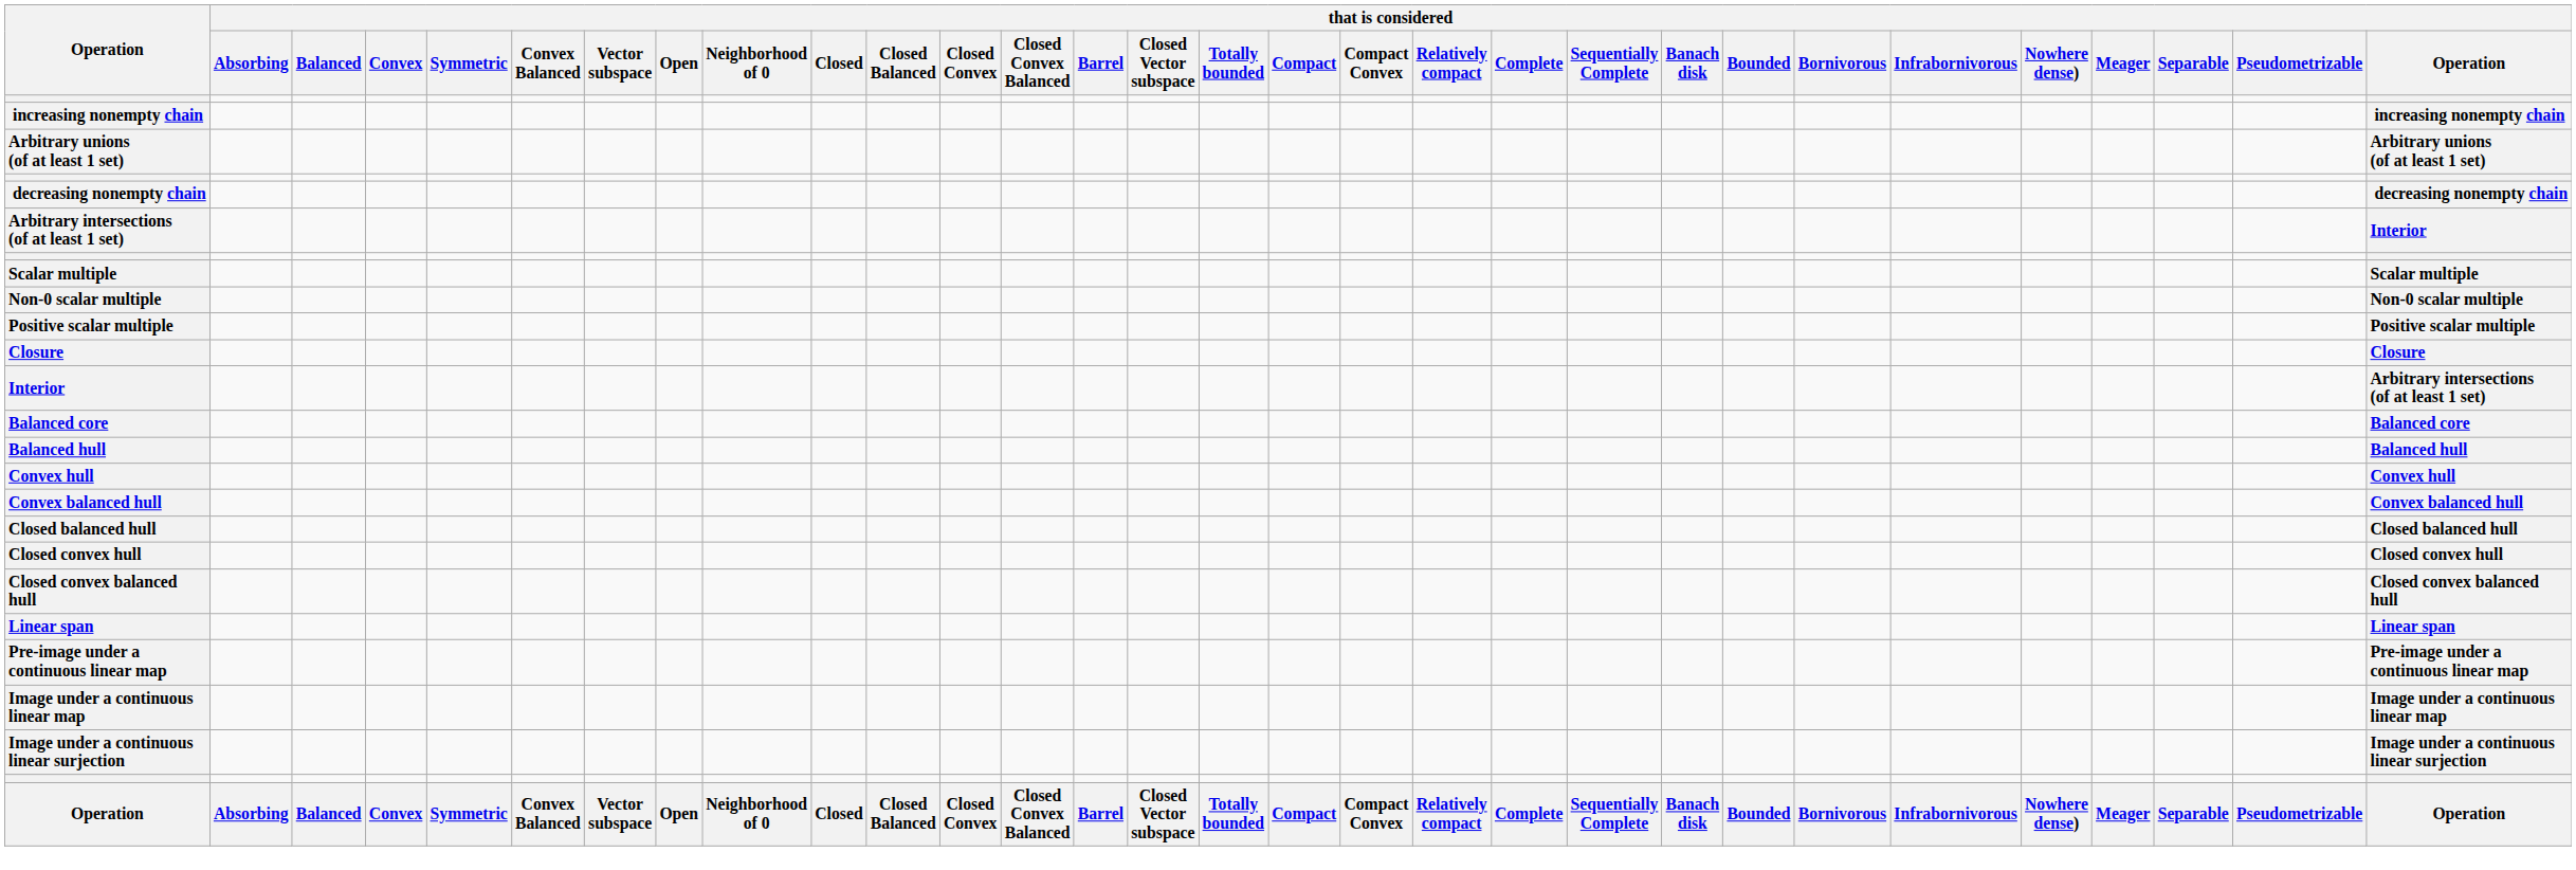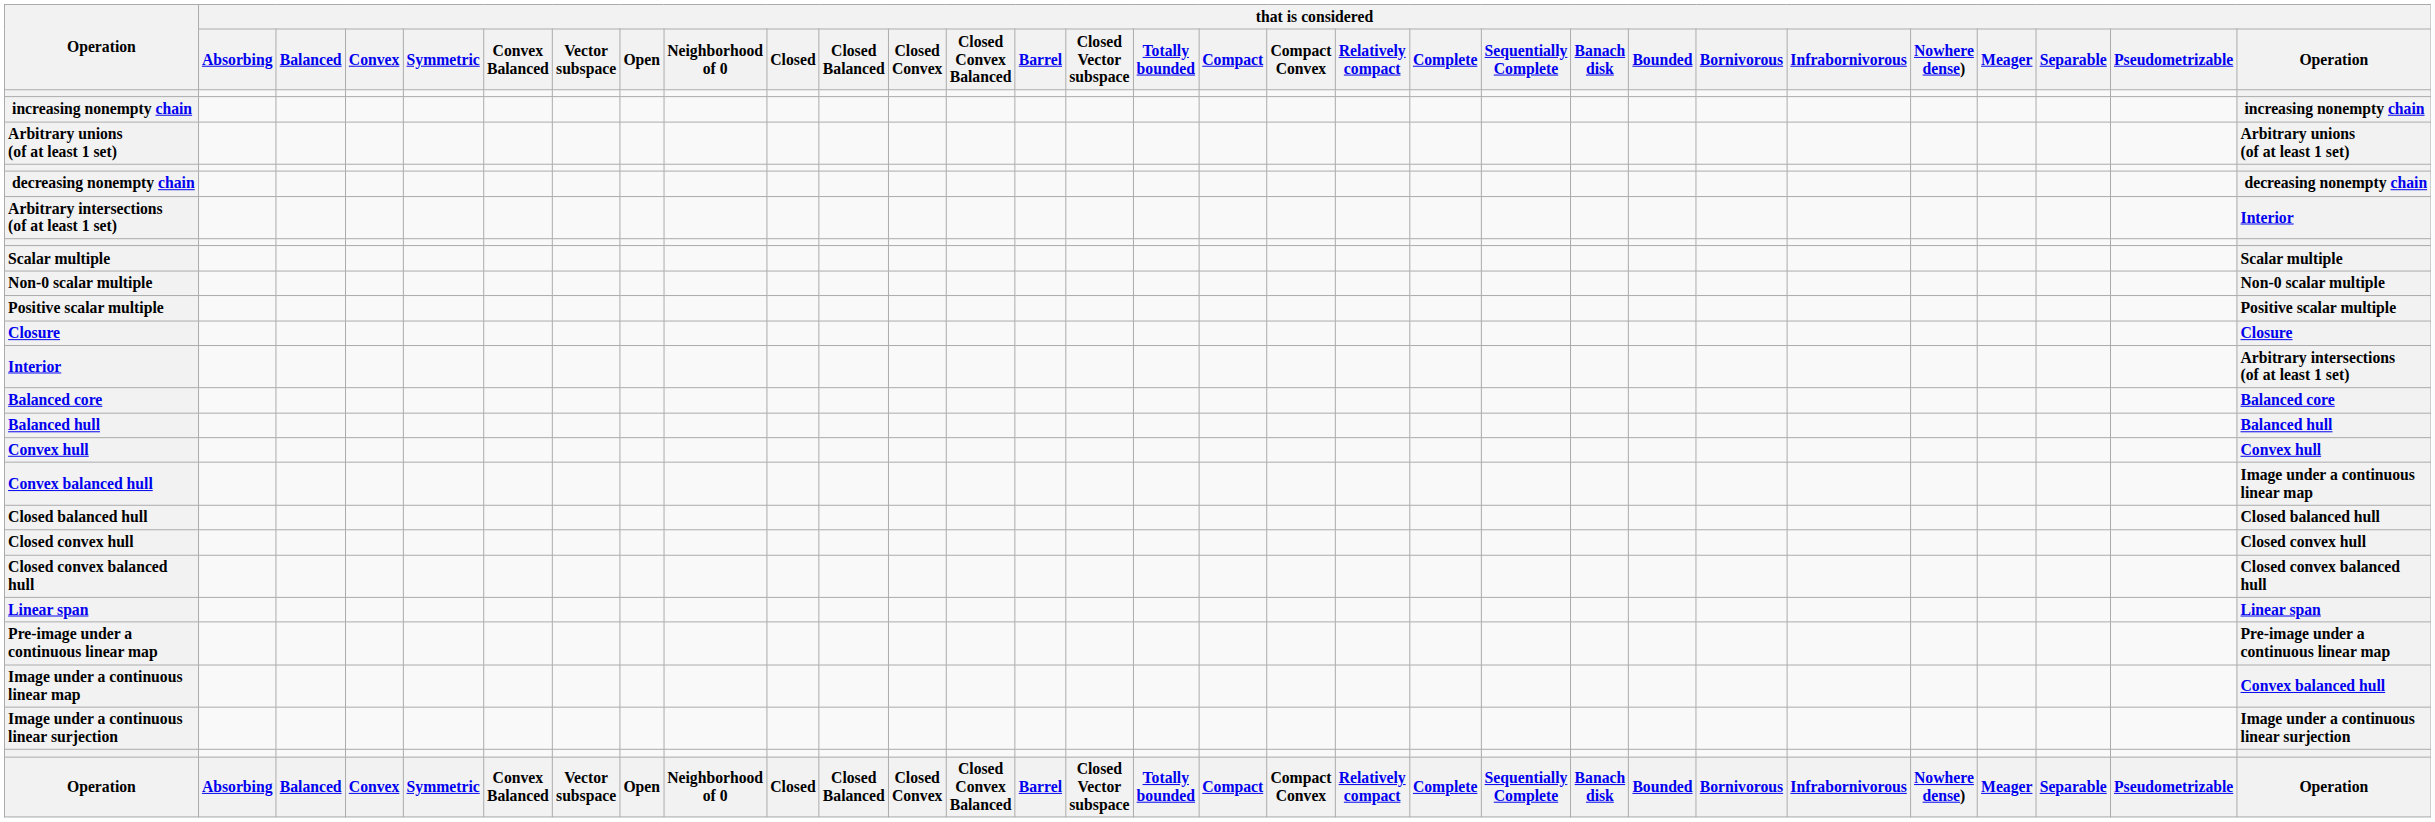 <table class="wikitable mw-collapsible mw-collapsed">
 <tr>
 <th rowspan="2">Operation</th>
 <th colspan="100"> that is considered</th>
 </tr>
 <tr>
 <th><a href='#'>Absorbing</a></th>
 <th><a href='#'>Balanced</a></th>
 <th><a href='#'>Convex</a></th>
 <th><a href='#'>Symmetric</a></th>
 <th>Convex<br>Balanced</th>
 <th>Vector<br>subspace</th>
 <th>Open</th>
 <th>Neighborhood<br>of 0</th>
 <th>Closed</th>
 <th>Closed<br>Balanced</th>
 <th>Closed<br>Convex</th>
 <th>Closed<br>Convex<br>Balanced</th>
 <th><a href='#'>Barrel</a></th>
 <th>Closed<br>Vector<br>subspace</th>
 <th><a href='#'>Totally<br>bounded</a></th>
 <th><a href='#'>Compact</a></th>
 <th>Compact<br>Convex</th>
 <th><a href='#'>Relatively compact</a></th>
 <th><a href='#'>Complete</a></th>
 <th><a href='#'>Sequentially<br>Complete</a></th>
 <th><a href='#'>Banach<br>disk</a></th>
 <th><a href='#'>Bounded</a></th>
 <th><a href='#'>Bornivorous</a></th>
 <th><a href='#'>Infrabornivorous</a></th>
 <th><a href='#'>Nowhere<br>dense</a>)</th>
 <th><a href='#'>Meager</a></th>
 <th><a href='#'>Separable</a></th>
 <th><a href='#'>Pseudometrizable</a></th>
 <th>Operation</th>
 </tr>
 <tr>
 <th style="text-align:left;"></th>
 <td></td>
 <td></td>
 <td></td>
 <td></td>
 <td></td>
 <td></td>
 <td></td>
 <td></td>
 <td></td>
 <td></td>
 <td></td>
 <td></td>
 <td style="background:;"></td>
 <td></td>
 <td></td>
 <td></td>
 <td></td>
 <td></td>
 <td style="background:;"></td>
 <td></td>
 <td style="background:;"></td>
 <td></td>
 <td></td>
 <td></td>
 <td></td>
 <td></td>
 <td></td>
 <td></td>
 <th style="text-align:left;"></th>
 </tr>
 <tr>
 <th style="text-align:left;"> increasing nonempty <a href='#'>chain</a></th>
 <td></td>
 <td></td>
 <td></td>
 <td></td>
 <td></td>
 <td></td>
 <td></td>
 <td></td>
 <td></td>
 <td></td>
 <td></td>
 <td></td>
 <td></td>
 <td></td>
 <td></td>
 <td></td>
 <td></td>
 <td></td>
 <td></td>
 <td></td>
 <td style="background:;"></td>
 <td></td>
 <td></td>
 <td></td>
 <td></td>
 <td></td>
 <td style="background:;"></td>
 <td style="background:;"></td>
 <th style="text-align:left;"> increasing nonempty <a href='#'>chain</a></th>
 </tr>
 <tr>
 <th style="text-align:left;">Arbitrary unions (of at least 1 set)</th>
 <td></td>
 <td></td>
 <td></td>
 <td></td>
 <td></td>
 <td></td>
 <td></td>
 <td></td>
 <td></td>
 <td></td>
 <td></td>
 <td></td>
 <td></td>
 <td></td>
 <td></td>
 <td></td>
 <td></td>
 <td></td>
 <td></td>
 <td></td>
 <td style="background:;"></td>
 <td></td>
 <td></td>
 <td></td>
 <td></td>
 <td></td>
 <td style="background:;"></td>
 <td style="background:;"></td>
 <th style="text-align:left;">Arbitrary unions (of at least 1 set)</th>
 </tr>
 <tr>
 <th style="text-align:left;"></th>
 <td></td>
 <td></td>
 <td></td>
 <td></td>
 <td></td>
 <td></td>
 <td></td>
 <td></td>
 <td></td>
 <td></td>
 <td></td>
 <td></td>
 <td></td>
 <td></td>
 <td></td>
 <td></td>
 <td></td>
 <td style="background:;"></td>
 <td style="background:;"></td>
 <td></td>
 <td style="background:;"></td>
 <td></td>
 <td style="background:;"></td>
 <td style="background:;"></td>
 <td></td>
 <td></td>
 <td style="background:;"></td>
 <td></td>
 <th style="text-align:left;"></th>
 </tr>
 <tr>
 <th style="text-align:left;"> decreasing nonempty <a href='#'>chain</a></th>
 <td></td>
 <td></td>
 <td></td>
 <td></td>
 <td></td>
 <td></td>
 <td></td>
 <td></td>
 <td></td>
 <td></td>
 <td></td>
 <td></td>
 <td></td>
 <td></td>
 <td></td>
 <td style="background:;"></td>
 <td style="background:;"></td>
 <td style="background:;"></td>
 <td style="background:;"></td>
 <td style="background:;"></td>
 <td style="background:;"></td>
 <td></td>
 <td style="background:;"></td>
 <td style="background:;"></td>
 <td></td>
 <td style="background:;"></td>
 <td style="background:;"></td>
 <td></td>
 <th style="text-align:left;"> decreasing nonempty <a href='#'>chain</a></th>
 </tr>
 <tr>
 <th style="text-align:left;">Arbitrary intersections (of at least 1 set)</th>
 <td></td>
 <td></td>
 <td></td>
 <td></td>
 <td></td>
 <td></td>
 <td></td>
 <td></td>
 <td></td>
 <td></td>
 <td></td>
 <td></td>
 <td></td>
 <td></td>
 <td></td>
 <td style="background:;"></td>
 <td style="background:;"></td>
 <td style="background:;"></td>
 <td style="background:;"></td>
 <td style="background:;"></td>
 <td style="background:;"></td>
 <td></td>
 <td style="background:;"></td>
 <td style="background:;"></td>
 <td></td>
 <td style="background:;"></td>
 <td style="background:;"></td>
 <td></td>
 <th style="text-align:left;"><a href='#'>Interior</a></th>
 </tr>
 <tr>
 <th style="text-align:left;"></th>
 <td></td>
 <td></td>
 <td></td>
 <td></td>
 <td></td>
 <td></td>
 <td></td>
 <td></td>
 <td></td>
 <td style="background:;"></td>
 <td></td>
 <td style="background:;"></td>
 <td style="background:;"></td>
 <td style="background:;"></td>
 <td style="background:;"></td>
 <td></td>
 <td></td>
 <td style="background:;"></td>
 <td style="background:;"></td>
 <td style="background:;"></td>
 <td style="background:;"></td>
 <td></td>
 <td style="background:;"></td>
 <td style="background:;"></td>
 <td style="background:;"></td>
 <td style="background:;"></td>
 <td style="background:;"></td>
 <td style="background:;"></td>
 <th style="text-align:left;"></th>
 </tr>
 <tr>
 <th style="text-align:left;">Scalar multiple</th>
 <td></td>
 <td></td>
 <td></td>
 <td></td>
 <td></td>
 <td></td>
 <td></td>
 <td></td>
 <td></td>
 <td></td>
 <td></td>
 <td></td>
 <td></td>
 <td></td>
 <td></td>
 <td></td>
 <td></td>
 <td></td>
 <td></td>
 <td></td>
 <td style="background:;"></td>
 <td></td>
 <td></td>
 <td></td>
 <td></td>
 <td></td>
 <td></td>
 <td></td>
 <th style="text-align:left;">Scalar multiple</th>
 </tr>
 <tr>
 <th style="text-align:left;">Non-0 scalar multiple</th>
 <td></td>
 <td></td>
 <td></td>
 <td></td>
 <td></td>
 <td></td>
 <td></td>
 <td></td>
 <td></td>
 <td></td>
 <td></td>
 <td></td>
 <td></td>
 <td></td>
 <td></td>
 <td></td>
 <td></td>
 <td></td>
 <td></td>
 <td></td>
 <td></td>
 <td></td>
 <td></td>
 <td></td>
 <td></td>
 <td></td>
 <td></td>
 <td></td>
 <th style="text-align:left;">Non-0 scalar multiple</th>
 </tr>
 <tr>
 <th style="text-align:left;">Positive scalar multiple</th>
 <td></td>
 <td></td>
 <td></td>
 <td></td>
 <td></td>
 <td></td>
 <td></td>
 <td></td>
 <td></td>
 <td></td>
 <td></td>
 <td></td>
 <td></td>
 <td></td>
 <td></td>
 <td></td>
 <td></td>
 <td style="background:;"></td>
 <td></td>
 <td></td>
 <td style="background:;"></td>
 <td></td>
 <td></td>
 <td></td>
 <td></td>
 <td></td>
 <td></td>
 <td></td>
 <th style="text-align:left;">Positive scalar multiple</th>
 </tr>
 <tr>
 <th style="text-align:left;"><a href='#'>Closure</a></th>
 <td></td>
 <td></td>
 <td></td>
 <td></td>
 <td></td>
 <td></td>
 <td></td>
 <td></td>
 <td></td>
 <td></td>
 <td></td>
 <td></td>
 <td></td>
 <td></td>
 <td></td>
 <td></td>
 <td></td>
 <td></td>
 <td style="background:;"></td>
 <td style="background:;"></td>
 <td style="background:;"></td>
 <td></td>
 <td></td>
 <td></td>
 <td></td>
 <td style="background:;"></td>
 <td style="background:;"></td>
 <td style="background:;"></td>
 <th style="text-align:left;"><a href='#'>Closure</a></th>
 </tr>
 <tr>
 <th style="text-align:left;"><a href='#'>Interior</a></th>
 <td></td>
 <td></td>
 <td></td>
 <td></td>
 <td style="background:;"></td>
 <td></td>
 <td></td>
 <td></td>
 <td></td>
 <td></td>
 <td></td>
 <td></td>
 <td></td>
 <td></td>
 <td style="background:;"></td>
 <td></td>
 <td></td>
 <td style="background:;"></td>
 <td style="background:;"></td>
 <td style="background:;"></td>
 <td style="background:;"></td>
 <td></td>
 <td style="background:;"></td>
 <td style="background:;"></td>
 <td></td>
 <td></td>
 <td style="background:;"></td>
 <td style="background:;"></td>
 <th style="text-align:left;">Arbitrary intersections (of at least 1 set)</th>
 </tr>
 <tr>
 <th style="text-align:left;"><a href='#'>Balanced core</a></th>
 <td></td>
 <td></td>
 <td></td>
 <td></td>
 <td></td>
 <td></td>
 <td></td>
 <td></td>
 <td></td>
 <td></td>
 <td></td>
 <td></td>
 <td></td>
 <td></td>
 <td></td>
 <td style="background:;"></td>
 <td style="background:;"></td>
 <td style="background:;"></td>
 <td style="background:;"></td>
 <td style="background:;"></td>
 <td style="background:;"></td>
 <td></td>
 <td style="background:;"></td>
 <td style="background:;"></td>
 <td></td>
 <td></td>
 <td style="background:;"></td>
 <td style="background:;"></td>
 <th style="text-align:left;"><a href='#'>Balanced core</a></th>
 </tr>
 <tr>
 <th style="text-align:left;"><a href='#'>Balanced hull</a></th>
 <td></td>
 <td></td>
 <td></td>
 <td></td>
 <td></td>
 <td></td>
 <td></td>
 <td></td>
 <td></td>
 <td></td>
 <td style="background:;"></td>
 <td></td>
 <td></td>
 <td></td>
 <td></td>
 <td></td>
 <td></td>
 <td style="background:;"></td>
 <td style="background:;"></td>
 <td style="background:;"></td>
 <td></td>
 <td></td>
 <td></td>
 <td></td>
 <td></td>
 <td></td>
 <td style="background:;"></td>
 <td style="background:;"></td>
 <th style="text-align:left;"><a href='#'>Balanced hull</a></th>
 </tr>
 <tr>
 <th style="text-align:left;"><a href='#'>Convex hull</a></th>
 <td></td>
 <td></td>
 <td></td>
 <td></td>
 <td></td>
 <td></td>
 <td></td>
 <td></td>
 <td></td>
 <td style="background:;"></td>
 <td></td>
 <td></td>
 <td></td>
 <td></td>
 <td style="background:;"></td>
 <td style="background:;"></td>
 <td></td>
 <td style="background:;"></td>
 <td style="background:;"></td>
 <td style="background:;"></td>
 <td></td>
 <td></td>
 <td></td>
 <td></td>
 <td></td>
 <td></td>
 <td style="background:;"></td>
 <td style="background:;"></td>
 <th style="text-align:left;"><a href='#'>Convex hull</a></th>
 </tr>
 <tr>
 <th style="text-align:left;"><a href='#'>Convex balanced hull</a></th>
 <td></td>
 <td></td>
 <td></td>
 <td></td>
 <td></td>
 <td></td>
 <td></td>
 <td></td>
 <td></td>
 <td></td>
 <td style="background:;"></td>
 <td></td>
 <td></td>
 <td></td>
 <td style="background:;"></td>
 <td style="background:;"></td>
 <td style="background:;"></td>
 <td style="background:;"></td>
 <td style="background:;"></td>
 <td style="background:;"></td>
 <td></td>
 <td></td>
 <td></td>
 <td></td>
 <td></td>
 <td></td>
 <td style="background:;"></td>
 <td style="background:;"></td>
-<th style="text-align:left;"><a href='#'>Convex balanced hull</a></th>
+<th style="text-align:left;">Image under a continuous linear map</th>
 </tr>
 <tr>
 <th style="text-align:left;">Closed balanced hull</th>
 <td></td>
 <td></td>
 <td></td>
 <td></td>
 <td></td>
 <td></td>
 <td></td>
 <td></td>
 <td></td>
 <td></td>
 <td></td>
 <td></td>
 <td></td>
 <td></td>
 <td style="background:;"></td>
 <td style="background:;"></td>
 <td style="background:;"></td>
 <td style="background:;"></td>
 <td style="background:;"></td>
 <td style="background:;"></td>
 <td style="background:;"></td>
 <td></td>
 <td></td>
 <td></td>
 <td></td>
 <td></td>
 <td style="background:;"></td>
 <td style="background:;"></td>
 <th style="text-align:left;">Closed balanced hull</th>
 </tr>
 <tr>
 <th style="text-align:left;">Closed convex hull</th>
 <td></td>
 <td></td>
 <td></td>
 <td></td>
 <td></td>
 <td></td>
 <td></td>
 <td></td>
 <td></td>
 <td></td>
 <td></td>
 <td></td>
 <td></td>
 <td></td>
 <td style="background:;"></td>
 <td style="background:;"></td>
 <td style="background:;"></td>
 <td style="background:;"></td>
 <td style="background:;"></td>
 <td style="background:;"></td>
 <td style="background:;"></td>
 <td></td>
 <td></td>
 <td></td>
 <td></td>
 <td></td>
 <td style="background:;"></td>
 <td style="background:;"></td>
 <th style="text-align:left;">Closed convex hull</th>
 </tr>
 <tr>
 <th style="text-align:left;">Closed convex balanced hull</th>
 <td></td>
 <td></td>
 <td></td>
 <td></td>
 <td></td>
 <td></td>
 <td></td>
 <td></td>
 <td></td>
 <td></td>
 <td></td>
 <td></td>
 <td></td>
 <td></td>
 <td style="background:;"></td>
 <td style="background:;"></td>
 <td style="background:;"></td>
 <td style="background:;"></td>
 <td style="background:;"></td>
 <td style="background:;"></td>
 <td style="background:;"></td>
 <td></td>
 <td></td>
 <td></td>
 <td></td>
 <td></td>
 <td style="background:;"></td>
 <td style="background:;"></td>
 <th style="text-align:left;">Closed convex balanced hull</th>
 </tr>
 <tr>
 <th style="text-align:left;"><a href='#'>Linear span</a></th>
 <td></td>
 <td></td>
 <td></td>
 <td></td>
 <td></td>
 <td></td>
 <td></td>
 <td></td>
 <td style="background:;"></td>
 <td style="background:;"></td>
 <td style="background:;"></td>
 <td style="background:;"></td>
 <td></td>
 <td></td>
 <td></td>
 <td></td>
 <td></td>
 <td></td>
 <td style="background:;"></td>
 <td style="background:;"></td>
 <td></td>
 <td></td>
 <td></td>
 <td></td>
 <td></td>
 <td></td>
 <td style="background:;"></td>
 <td style="background:;"></td>
 <th style="text-align:left;"><a href='#'>Linear span</a></th>
 </tr>
 <tr>
 <th style="text-align:left;">Pre-image under a continuous linear map</th>
 <td></td>
 <td></td>
 <td></td>
 <td></td>
 <td></td>
 <td></td>
 <td></td>
 <td></td>
 <td></td>
 <td></td>
 <td></td>
 <td></td>
 <td></td>
 <td></td>
 <td></td>
 <td></td>
 <td></td>
 <td></td>
 <td style="background:;"></td>
 <td style="background:;"></td>
 <td style="background:;"></td>
 <td></td>
 <td style="background:;"></td>
 <td style="background:;"></td>
 <td style="background:;"></td>
 <td style="background:;"></td>
 <td></td>
 <td></td>
 <th style="text-align:left;">Pre-image under a continuous linear map</th>
 </tr>
 <tr>
 <th style="text-align:left;">Image under a continuous linear map</th>
 <td></td>
 <td></td>
 <td></td>
 <td></td>
 <td></td>
 <td></td>
 <td></td>
 <td></td>
 <td></td>
 <td></td>
 <td></td>
 <td></td>
 <td></td>
 <td></td>
 <td></td>
 <td></td>
 <td></td>
 <td style="background:;"></td>
 <td style="background:;"></td>
 <td style="background:;"></td>
 <td style="background:;"></td>
 <td></td>
 <td style="background:;"></td>
 <td style="background:;"></td>
 <td></td>
 <td style="background:;"></td>
 <td></td>
 <td style="background:;"></td>
-<th style="text-align:left;">Image under a continuous linear map</th>
+<th style="text-align:left;"><a href='#'>Convex balanced hull</a></th>
 </tr>
 <tr>
 <th style="text-align:left;">Image under a continuous linear surjection</th>
 <td></td>
 <td></td>
 <td></td>
 <td></td>
 <td></td>
 <td></td>
 <td style="background:;"></td>
 <td style="background:;"></td>
 <td style="background:;"></td>
 <td style="background:;"></td>
 <td style="background:;"></td>
 <td style="background:;"></td>
 <td style="background:;"></td>
 <td style="background:;"></td>
 <td></td>
 <td></td>
 <td></td>
 <td style="background:;"></td>
 <td style="background:;"></td>
 <td style="background:;"></td>
 <td style="background:;"></td>
 <td></td>
 <td style="background:;"></td>
 <td style="background:;"></td>
 <td></td>
 <td style="background:;"></td>
 <td></td>
 <td style="background:;"></td>
 <th style="text-align:left;">Image under a continuous linear surjection</th>
 </tr>
 <tr>
 <th style="text-align:left;"></th>
 <td></td>
 <td></td>
 <td></td>
 <td></td>
 <td></td>
 <td></td>
 <td></td>
 <td></td>
 <td></td>
 <td></td>
 <td></td>
 <td></td>
 <td></td>
 <td></td>
 <td></td>
 <td></td>
 <td></td>
 <td style="background:;"></td>
 <td></td>
 <td></td>
 <td style="background:;"></td>
 <td></td>
 <td></td>
 <td></td>
 <td></td>
 <td></td>
 <td style="background:;"></td>
 <td></td>
 <th style="text-align:left;"></th>
 </tr>
 <tr>
 <th>Operation</th>
 <th><a href='#'>Absorbing</a></th>
 <th><a href='#'>Balanced</a></th>
 <th><a href='#'>Convex</a></th>
 <th><a href='#'>Symmetric</a></th>
 <th>Convex<br>Balanced</th>
 <th>Vector<br>subspace</th>
 <th>Open</th>
 <th>Neighborhood<br>of 0</th>
 <th>Closed</th>
 <th>Closed<br>Balanced</th>
 <th>Closed<br>Convex</th>
 <th>Closed<br>Convex<br>Balanced</th>
 <th><a href='#'>Barrel</a></th>
 <th>Closed<br>Vector<br>subspace</th>
 <th><a href='#'>Totally<br>bounded</a></th>
 <th><a href='#'>Compact</a></th>
 <th>Compact<br>Convex</th>
 <th><a href='#'>Relatively compact</a></th>
 <th><a href='#'>Complete</a></th>
 <th><a href='#'>Sequentially<br>Complete</a></th>
 <th><a href='#'>Banach<br>disk</a></th>
 <th><a href='#'>Bounded</a></th>
 <th><a href='#'>Bornivorous</a></th>
 <th><a href='#'>Infrabornivorous</a></th>
 <th><a href='#'>Nowhere<br>dense</a>)</th>
 <th><a href='#'>Meager</a></th>
 <th><a href='#'>Separable</a></th>
 <th><a href='#'>Pseudometrizable</a></th>
 <th>Operation</th>
 </tr>
 </table>
